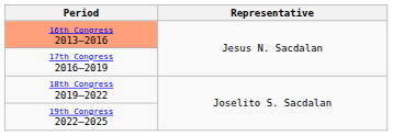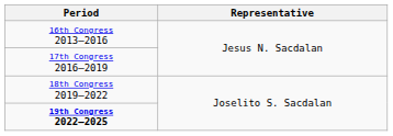 <table class="wikitable" style="text-align:center; width:40%;">
 <tr>
 <th width="40%">Period</th>
 <th>Representative</th>
 </tr>
 <tr>
-<td style="background: lightsalmon;"><small><a href='#'>16th Congress</a></small><br>2013–2016</td>
+<td><small><a href='#'>16th Congress</a></small><br>2013–2016</td>
 <td rowspan="2">Jesus N. Sacdalan</td>
 </tr>
 <tr>
 <td><small><a href='#'>17th Congress</a></small><br>2016–2019</td>
 </tr>
 <tr>
 <td><small><a href='#'>18th Congress</a></small><br>2019–2022</td>
 <td rowspan ="2">Joselito S. Sacdalan</td>
 </tr>
 <tr>
-<td><small><a href='#'>19th Congress</a></small><br>2022–2025</td>
+<td><strong><small><a href='#'>19th Congress</a></small><br>2022–2025</strong></td>
 </tr>
 </table>
